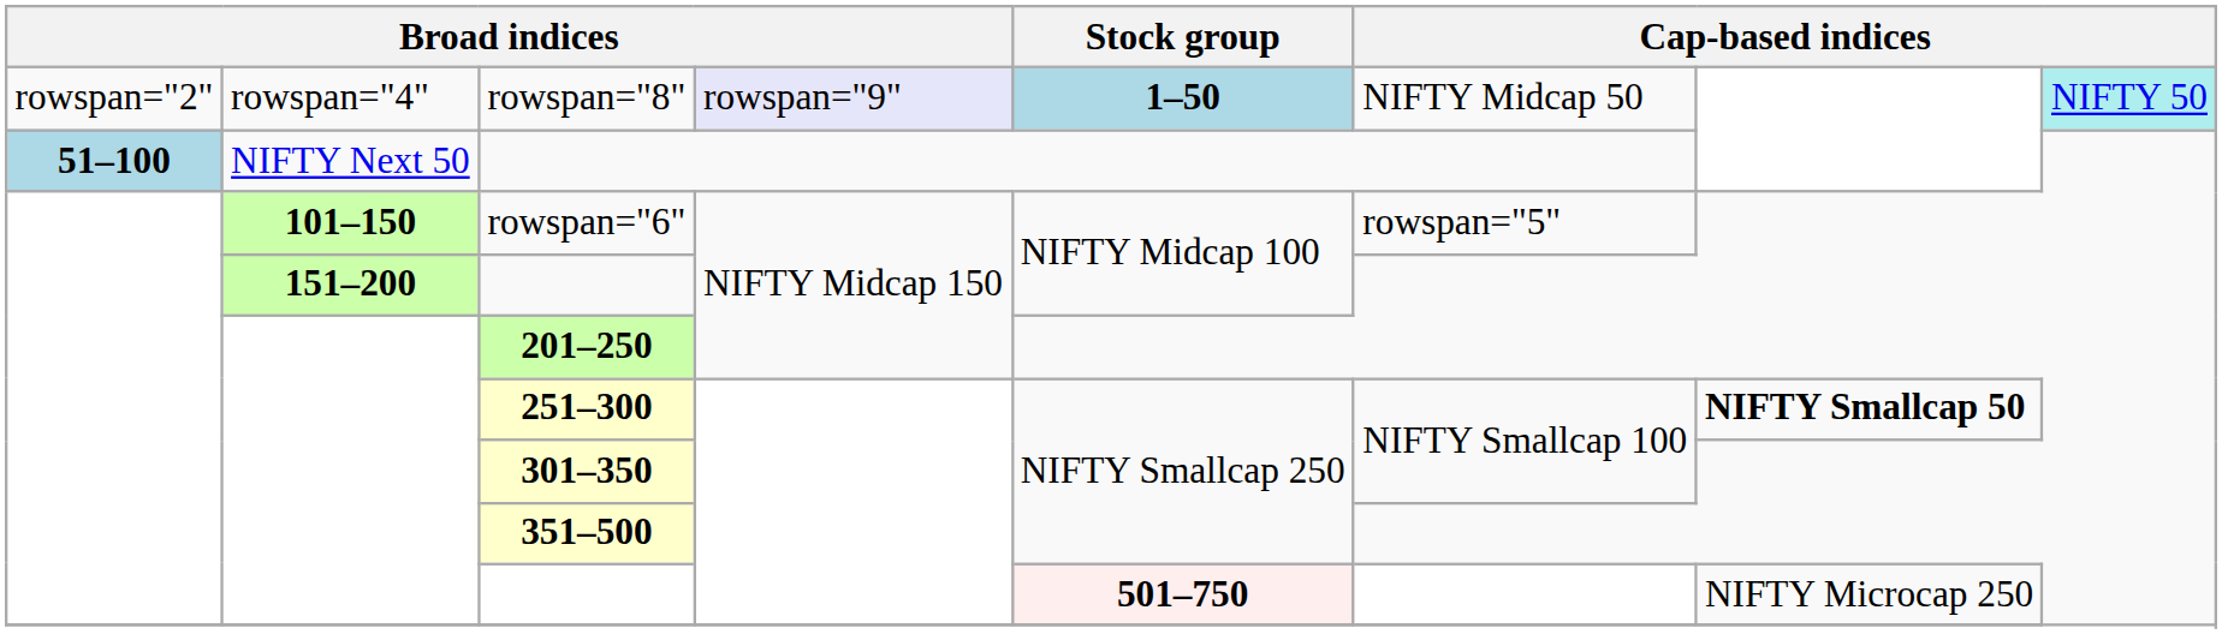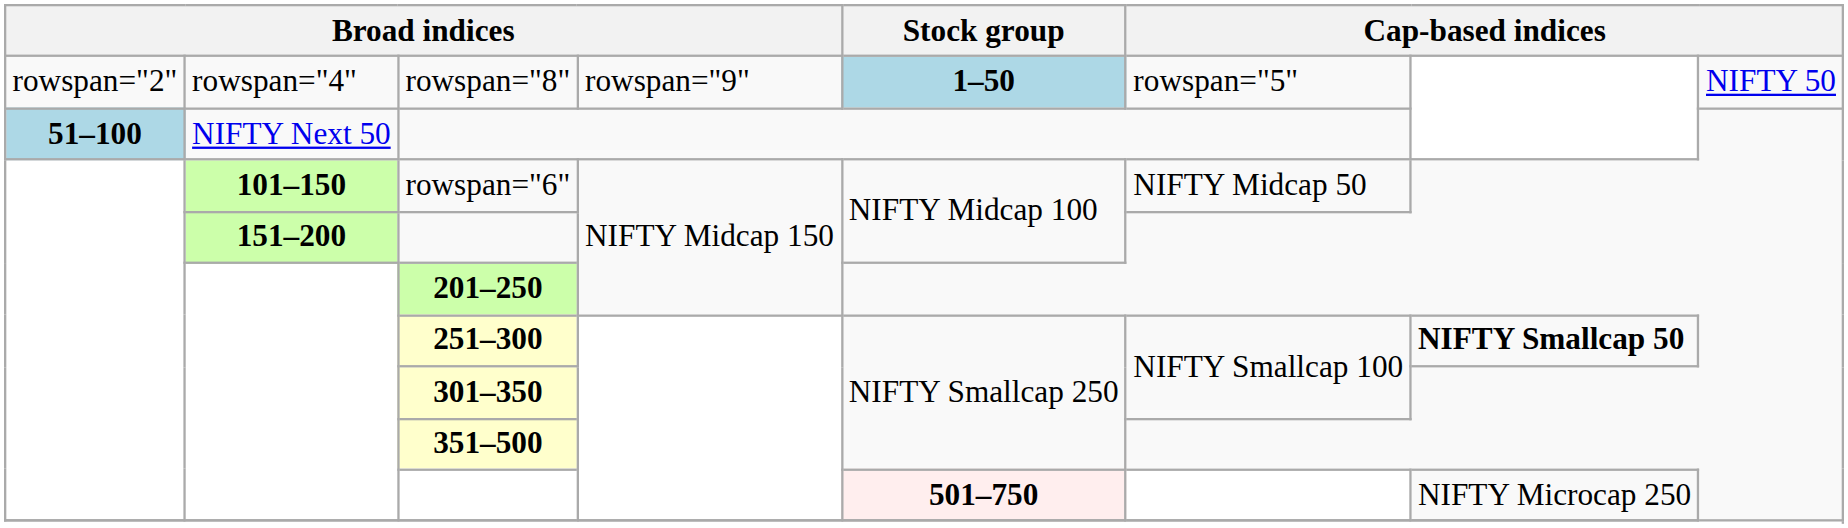 <table class="wikitable" id="broadmarket" style="font-size:85%">
 <tr>
 <th colspan="4">Broad indices</th>
 <th>Stock group</th>
 <th colspan="5">Cap-based indices</th>
 </tr>
 <tr>
 <td>rowspan="2" </td>
 <td>rowspan="4" </td>
 <td>rowspan="8" </td>
-<td style="background: lavender;">rowspan="9" </td>
+<td>rowspan="9" </td>
 <td style="text-align: center; background:#ADD8E6"><strong>1–50</strong></td>
-<td>NIFTY Midcap 50</td>
+<td>rowspan="5" </td>
 <td rowspan="2" style="background:white"></td>
-<td style="background: paleturquoise;"><a href='#'>NIFTY 50</a></td>
+<td><a href='#'>NIFTY 50</a></td>
 </tr>
 <tr>
 <td style="text-align: center; background:#ADD8E6"><strong>51–100</strong></td>
 <td><a href='#'>NIFTY Next 50</a></td>
 </tr>
 <tr>
 <td rowspan="7" style="background:white"></td>
 <td style="text-align: center; background:#cfa"><strong>101–150</strong></td>
 <td>rowspan="6" </td>
 <td rowspan="3">NIFTY Midcap 150</td>
 <td rowspan="2">NIFTY Midcap 100</td>
-<td>rowspan="5" </td>
+<td>NIFTY Midcap 50</td>
 </tr>
 <tr>
 <td style="text-align: center; background:#cfa"><strong>151–200</strong></td>
 </tr>
 <tr>
 <td rowspan="5" style="text-align: center; background:white"></td>
 <td style="text-align: center; background:#cfa"><strong>201–250</strong></td>
 </tr>
 <tr>
 <td style="text-align: center; background:#ffc"><strong>251–300</strong></td>
 <td rowspan="4" style="background:white"></td>
 <td rowspan="3">NIFTY Smallcap 250</td>
 <td rowspan="2">NIFTY Smallcap 100</td>
 <td><strong>NIFTY Smallcap 50</strong></td>
 </tr>
 <tr>
 <td style="text-align: center; background:#ffc"><strong>301–350</strong></td>
 </tr>
 <tr>
 <td style="text-align: center; background:#ffc"><strong>351–500</strong></td>
 </tr>
 <tr>
 <td style="background:white"></td>
 <td style="text-align: center; background:#fee"><strong>501–750</strong></td>
 <td style="background:white"></td>
 <td>NIFTY Microcap 250</td>
 </tr>
 <tr>
 </tr>
 </table>
